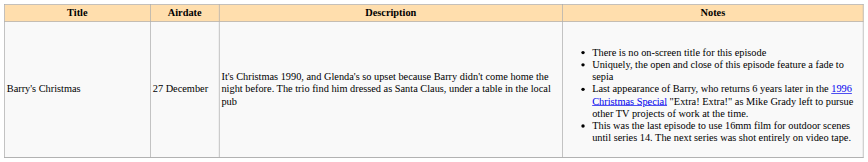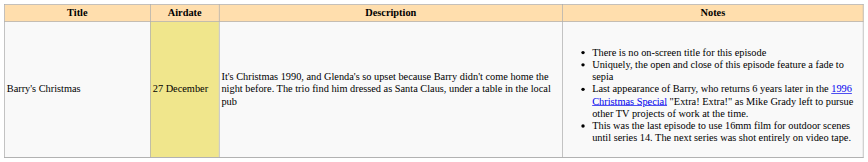 <table class="wikitable" width=100% border=1 style="font-size: 95%">
 <tr>
 <th style="background:#ffdead" width=17%>Title</th>
 <th style="background:#ffdead" width=8%>Airdate</th>
 <th style="background:#ffdead" width=40%>Description</th>
 <th style="background:#ffdead" width=35%>Notes</th>
 </tr>
 <tr>
 <td>Barry's Christmas</td>
-<td>27 December</td>
+<td style="background: khaki;">27 December</td>
 <td>It's Christmas 1990, and Glenda's so upset because Barry didn't come home the night before. The trio find him dressed as Santa Claus, under a table in the local pub</td>
 <td><br><ul><li>There is no on-screen title for this episode</li><li>Uniquely, the open and close of this episode feature a fade to sepia</li><li>Last appearance of Barry, who returns 6 years later in the <a href='#'>1996 Christmas Special</a> "Extra! Extra!" as Mike Grady left to pursue other TV projects of work at the time.</li><li>This was the last episode to use 16mm film for outdoor scenes until series 14. The next series was shot entirely on video tape.</li></ul></td>
 </tr>
 <tr>
 </tr>
 </table>
